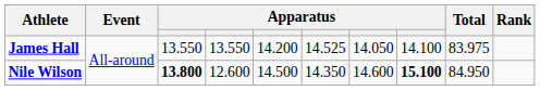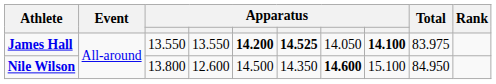 <table class=wikitable style=font-size:90%;text-align:center>
 <tr>
 <th rowspan=2>Athlete</th>
 <th rowspan=2>Event</th>
 <th colspan=6>Apparatus</th>
 <th rowspan=2>Total</th>
 <th rowspan=2>Rank</th>
 </tr>
 <tr style=font-size:95%>
 <th></th>
 <th></th>
 <th></th>
 <th></th>
 <th></th>
 <th></th>
 </tr>
 <tr>
 <td align=left><strong><a href='#'>James Hall</a></strong></td>
 <td align=left rowspan=2><a href='#'>All-around</a></td>
 <td>13.550</td>
 <td>13.550</td>
-<td>14.200</td>
-<td>14.525</td>
+<td><strong>14.200</strong></td>
+<td><strong>14.525</strong></td>
 <td>14.050</td>
-<td>14.100</td>
+<td><strong>14.100</strong></td>
 <td>83.975</td>
 <td></td>
 </tr>
 <tr>
 <td align=left><strong><a href='#'>Nile Wilson</a></strong></td>
-<td><strong>13.800</strong></td>
+<td>13.800</td>
 <td>12.600</td>
 <td>14.500</td>
 <td>14.350</td>
-<td>14.600</td>
-<td><strong>15.100</strong></td>
+<td><strong>14.600</strong></td>
+<td>15.100</td>
 <td>84.950</td>
 <td></td>
 </tr>
 </table>
